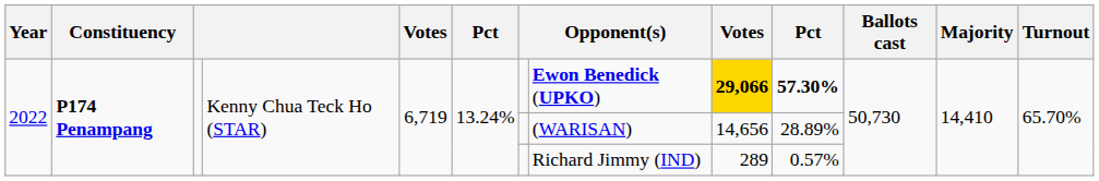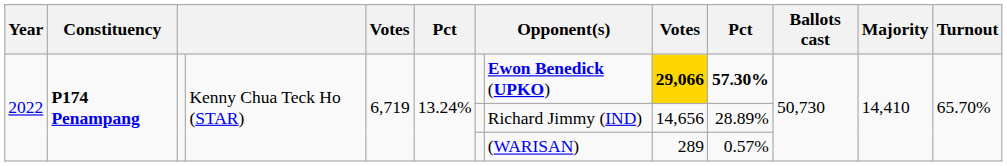 <table class="wikitable" style="margin:0.5em ; font-size:95%">
 <tr>
 <th>Year</th>
 <th>Constituency</th>
 <th colspan=2></th>
 <th>Votes</th>
 <th>Pct</th>
 <th colspan=2>Opponent(s)</th>
 <th>Votes</th>
 <th>Pct</th>
 <th>Ballots cast</th>
 <th>Majority</th>
 <th>Turnout</th>
 </tr>
 <tr>
 <td rowspan=3><a href='#'>2022</a></td>
 <td rowspan=3><strong>P174 <a href='#'>Penampang</a></strong></td>
 <td rowspan=3 ></td>
 <td rowspan=3>Kenny Chua Teck Ho (<a href='#'>STAR</a>)</td>
 <td rowspan=3 align="right">6,719</td>
 <td rowspan=3 align="right">13.24%</td>
 <td></td>
 <td><strong><a href='#'>Ewon Benedick</a></strong> (<a href='#'><strong>UPKO</strong></a>)</td>
 <td align="right" style="background: gold;"><strong>29,066</strong></td>
 <td align="right"><strong>57.30%</strong></td>
 <td rowspan=3>50,730</td>
 <td rowspan=3>14,410</td>
 <td rowspan=3>65.70%</td>
 </tr>
 <tr>
 <td></td>
-<td> (<a href='#'>WARISAN</a>)</td>
+<td>Richard Jimmy (<a href='#'>IND</a>)</td>
 <td align="right">14,656</td>
 <td align="right">28.89%</td>
 </tr>
 <tr>
 <td></td>
-<td>Richard Jimmy (<a href='#'>IND</a>)</td>
+<td> (<a href='#'>WARISAN</a>)</td>
 <td align="right">289</td>
 <td align="right">0.57%</td>
 </tr>
 </table>
